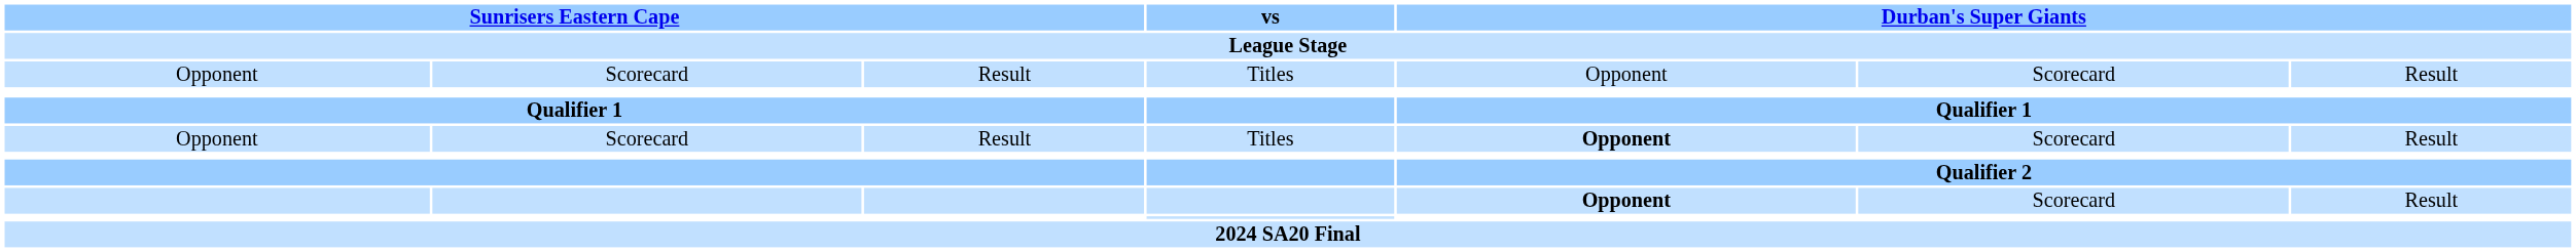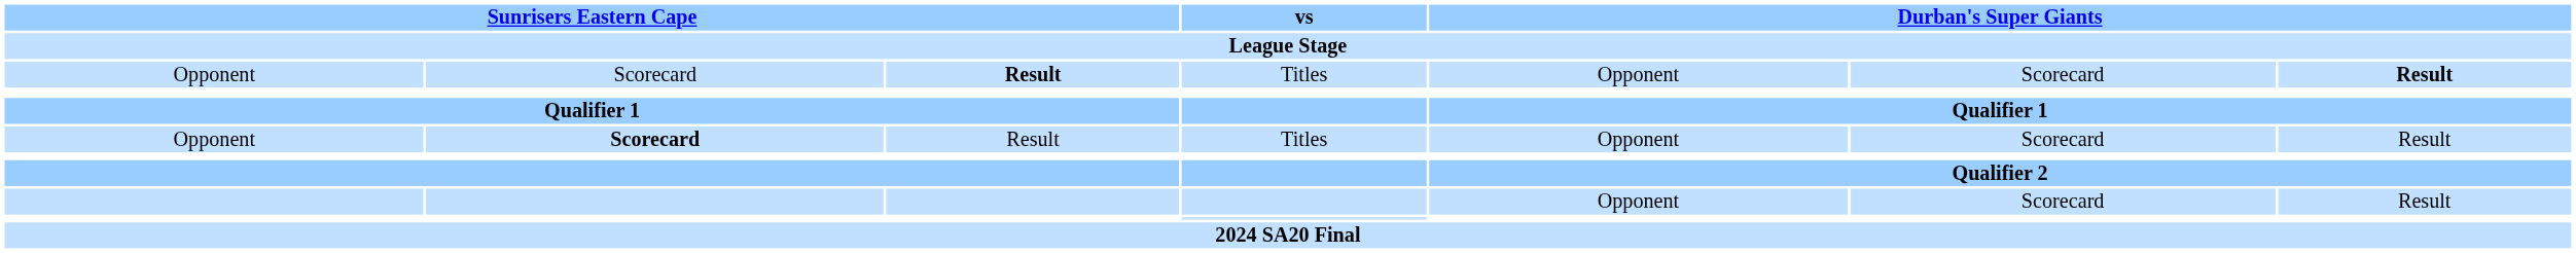 <table style="width:100%;text-align:center">
 <tr style="vertical-align:top;background:#99CCFF">
 <th colspan="3"><a href='#'>Sunrisers Eastern Cape </a></th>
 <th>vs</th>
 <th colspan="3"><a href='#'>Durban's Super Giants</a></th>
 </tr>
 <tr style="vertical-align:top;background:#C1E0FF">
 <th colspan="7">League Stage</th>
 </tr>
 <tr style="vertical-align:top;background:#C1E0FF">
 <td>Opponent</td>
 <td>Scorecard</td>
-<td>Result</td>
+<td><strong>Result</strong></td>
 <td>Titles</td>
 <td>Opponent</td>
 <td>Scorecard</td>
-<td>Result</td>
+<td><strong>Result</strong></td>
 </tr>
 <tr>
 <td></td>
 </tr>
 <tr>
 </tr>
 <tr style="vertical-align:top;background:#99CCFF">
 <th colspan="3">Qualifier 1</th>
 <th></th>
 <th colspan="3">Qualifier 1</th>
 </tr>
 <tr style="vertical-align:top;background:#C1E0FF">
 <td>Opponent</td>
-<td>Scorecard</td>
+<td><strong>Scorecard</strong></td>
 <td>Result</td>
 <td>Titles</td>
-<td><strong>Opponent</strong></td>
+<td>Opponent</td>
 <td>Scorecard</td>
 <td>Result</td>
 </tr>
 <tr>
 <td></td>
 </tr>
 <tr style="vertical-align:top;background:#99CCFF">
 <th colspan="3"></th>
 <th></th>
 <th colspan="3">Qualifier 2</th>
 </tr>
 <tr style="vertical-align:top;background:#C1E0FF">
 <td></td>
 <td></td>
 <td></td>
 <td></td>
-<td><strong>Opponent</strong></td>
+<td>Opponent</td>
 <td>Scorecard</td>
 <td>Result</td>
 </tr>
 <tr>
 <td style="text-align:left"></td>
 <td></td>
 <td></td>
 <td style="background:#C1E0FF"></td>
 <td></td>
 <td></td>
 <td></td>
 </tr>
 <tr style="vertical-align:top;background:#C1E0FF">
 <th colspan="7">2024 SA20 Final</th>
 </tr>
 </table>
